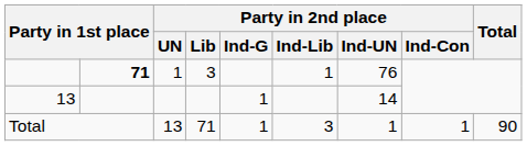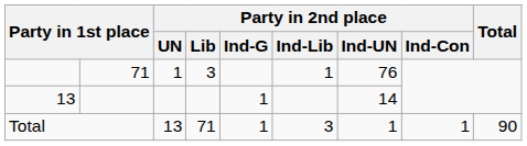 <table class="wikitable" style="text-align:right;">
 <tr>
 <th rowspan="2" colspan="2" style="text-align:left;">Party in 1st place</th>
 <th colspan="6">Party in 2nd place</th>
 <th rowspan="2">Total</th>
 </tr>
 <tr>
 <th>UN</th>
 <th>Lib</th>
 <th>Ind-G</th>
 <th>Ind-Lib</th>
 <th>Ind-UN</th>
 <th>Ind-Con</th>
 </tr>
 <tr>
 <td></td>
-<td><strong>71</strong></td>
+<td>71</td>
 <td>1</td>
 <td>3</td>
 <td></td>
 <td>1</td>
 <td>76</td>
 </tr>
 <tr>
 <td>13</td>
 <td></td>
 <td></td>
 <td></td>
 <td>1</td>
 <td></td>
 <td>14</td>
 </tr>
 <tr>
 <td colspan="2" style="text-align:left;">Total</td>
 <td>13</td>
 <td>71</td>
 <td>1</td>
 <td>3</td>
 <td>1</td>
 <td>1</td>
 <td>90</td>
 </tr>
 </table>
